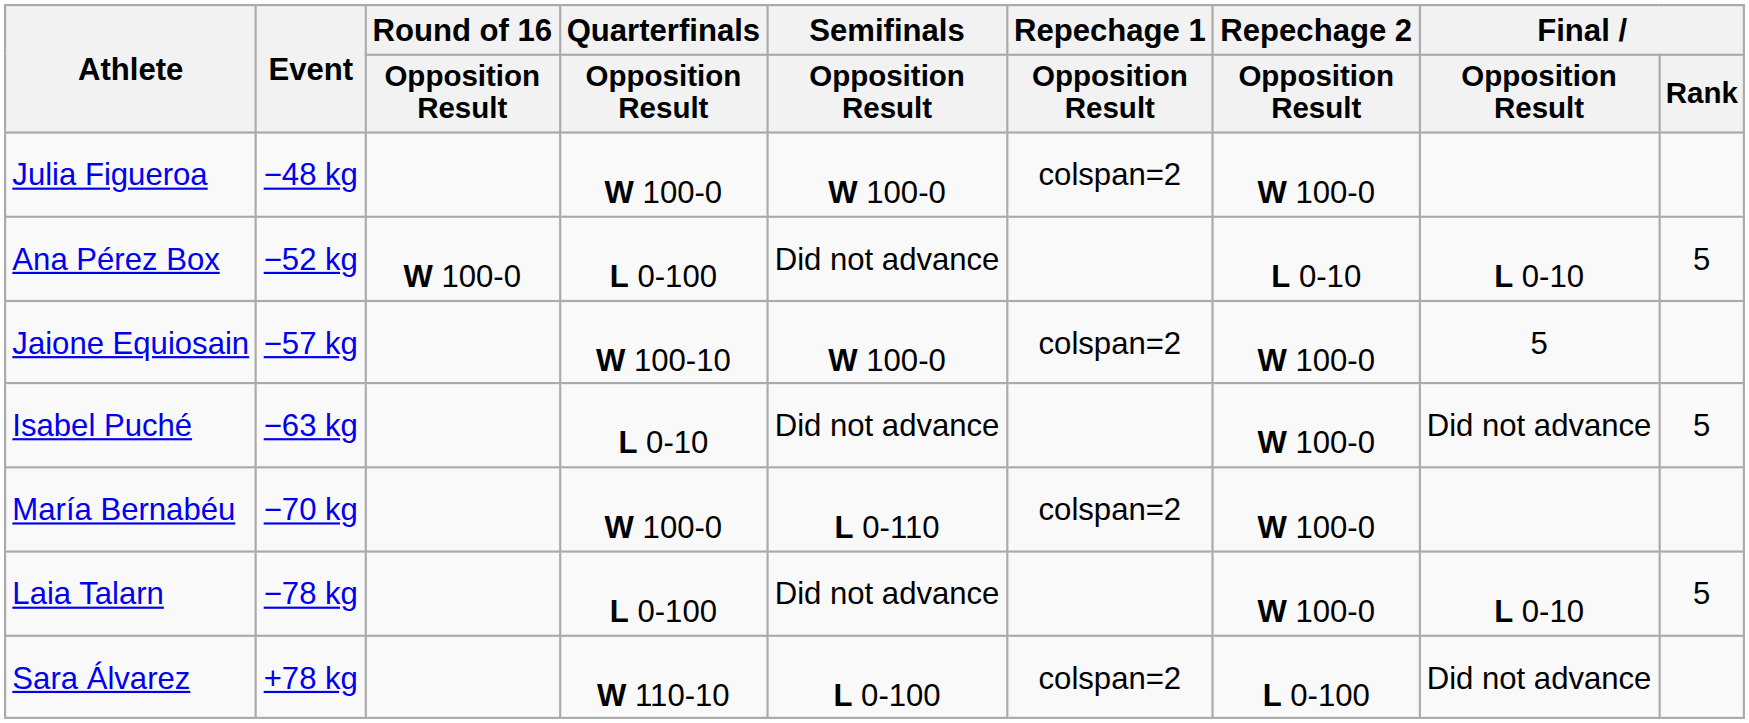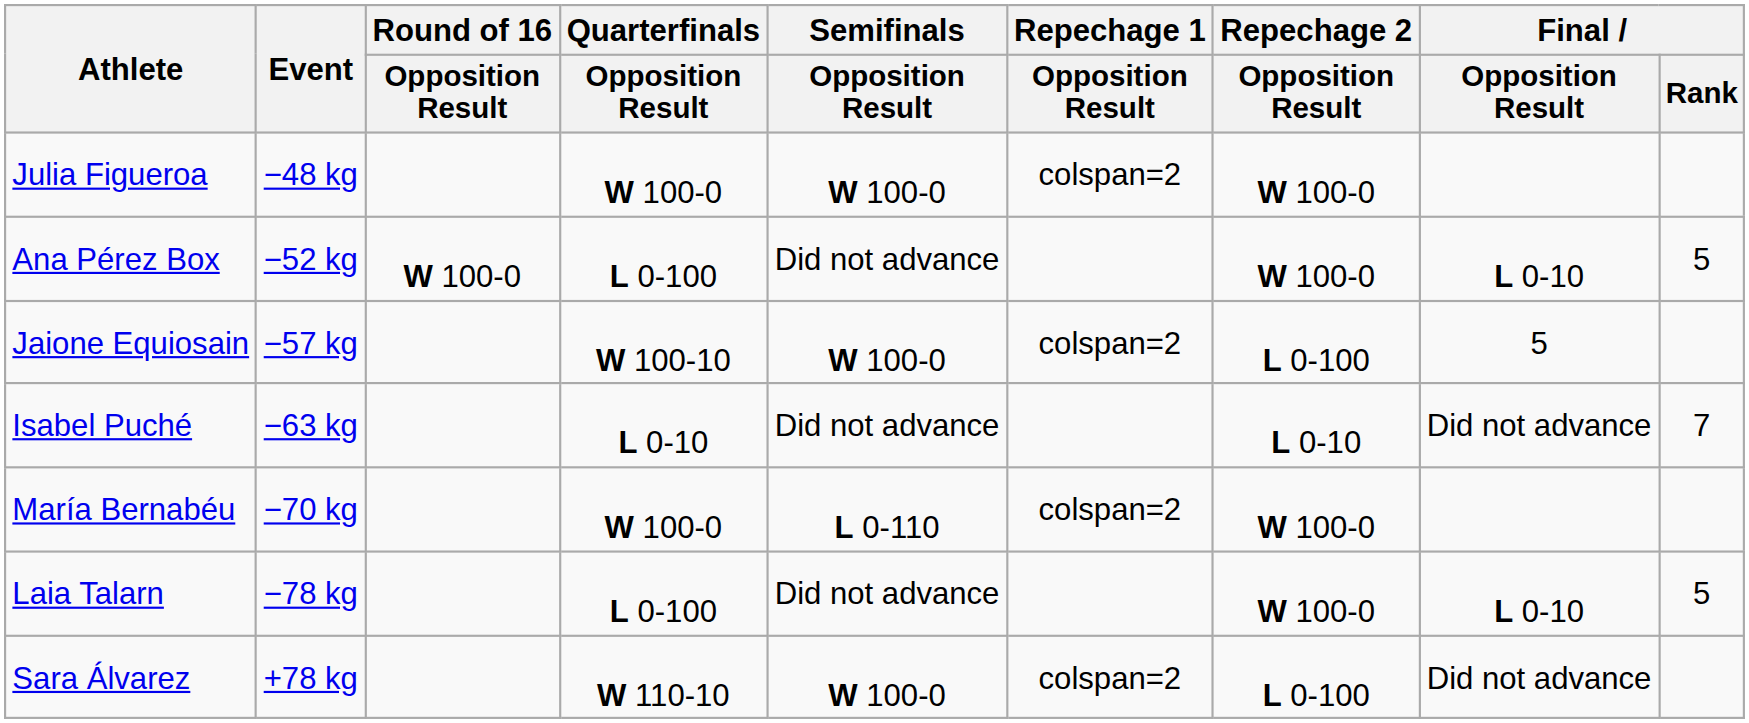 <table class="wikitable" style="font-size:90%">
 <tr>
 <th rowspan="2">Athlete</th>
 <th rowspan="2">Event</th>
 <th>Round of 16</th>
 <th>Quarterfinals</th>
 <th>Semifinals</th>
 <th>Repechage 1</th>
 <th>Repechage 2</th>
 <th colspan=2>Final / </th>
 </tr>
 <tr style="font-size:95%">
 <th>Opposition<br>Result</th>
 <th>Opposition<br>Result</th>
 <th>Opposition<br>Result</th>
 <th>Opposition<br>Result</th>
 <th>Opposition<br>Result</th>
 <th>Opposition<br>Result</th>
 <th>Rank</th>
 </tr>
 <tr align=center>
 <td align=left><a href='#'>Julia Figueroa</a></td>
 <td align=left><a href='#'>−48 kg</a></td>
 <td></td>
 <td><br><strong>W</strong> 100-0</td>
 <td><br><strong>W</strong> 100-0</td>
 <td>colspan=2 </td>
 <td><br><strong>W</strong> 100-0</td>
 <td></td>
 </tr>
 <tr align=center>
 <td align=left><a href='#'>Ana Pérez Box</a></td>
 <td align=left><a href='#'>−52 kg</a></td>
 <td><br><strong>W</strong> 100-0</td>
 <td><br><strong>L</strong> 0-100</td>
 <td>Did not advance</td>
 <td></td>
-<td><br><strong>L</strong> 0-10</td>
+<td><br><strong>W</strong> 100-0</td>
 <td><br><strong>L</strong> 0-10</td>
 <td>5</td>
 </tr>
 <tr align=center>
 <td align=left><a href='#'>Jaione Equiosain</a></td>
 <td align=left><a href='#'>−57 kg</a></td>
 <td></td>
 <td><br><strong>W</strong> 100-10</td>
 <td><br><strong>W</strong> 100-0</td>
 <td>colspan=2 </td>
-<td><br><strong>W</strong> 100-0</td>
+<td><br><strong>L</strong> 0-100</td>
 <td>5</td>
 </tr>
 <tr align=center>
 <td align=left><a href='#'>Isabel Puché</a></td>
 <td align=left><a href='#'>−63 kg</a></td>
 <td></td>
 <td><br><strong>L</strong> 0-10</td>
 <td>Did not advance</td>
 <td></td>
-<td><br><strong>W</strong> 100-0</td>
+<td><br><strong>L</strong> 0-10</td>
 <td>Did not advance</td>
-<td>5</td>
+<td>7</td>
 </tr>
 <tr align=center>
 <td align=left><a href='#'>María Bernabéu</a></td>
 <td align=left><a href='#'>−70 kg</a></td>
 <td></td>
 <td><br><strong>W</strong> 100-0</td>
 <td><br><strong>L</strong> 0-110</td>
 <td>colspan=2 </td>
 <td><br><strong>W</strong> 100-0</td>
 <td></td>
 </tr>
 <tr align=center>
 <td align=left><a href='#'>Laia Talarn</a></td>
 <td align=left><a href='#'>−78 kg</a></td>
 <td></td>
 <td><br><strong>L</strong> 0-100</td>
 <td>Did not advance</td>
 <td></td>
 <td><br><strong>W</strong> 100-0</td>
 <td><br><strong>L</strong> 0-10</td>
 <td>5</td>
 </tr>
 <tr align=center>
 <td align=left><a href='#'>Sara Álvarez</a></td>
 <td align=left><a href='#'>+78 kg</a></td>
 <td></td>
 <td><br><strong>W</strong> 110-10</td>
-<td><br><strong>L</strong> 0-100</td>
+<td><br><strong>W</strong> 100-0</td>
 <td>colspan=2 </td>
 <td><br><strong>L</strong> 0-100</td>
 <td>Did not advance</td>
 </tr>
 </table>
